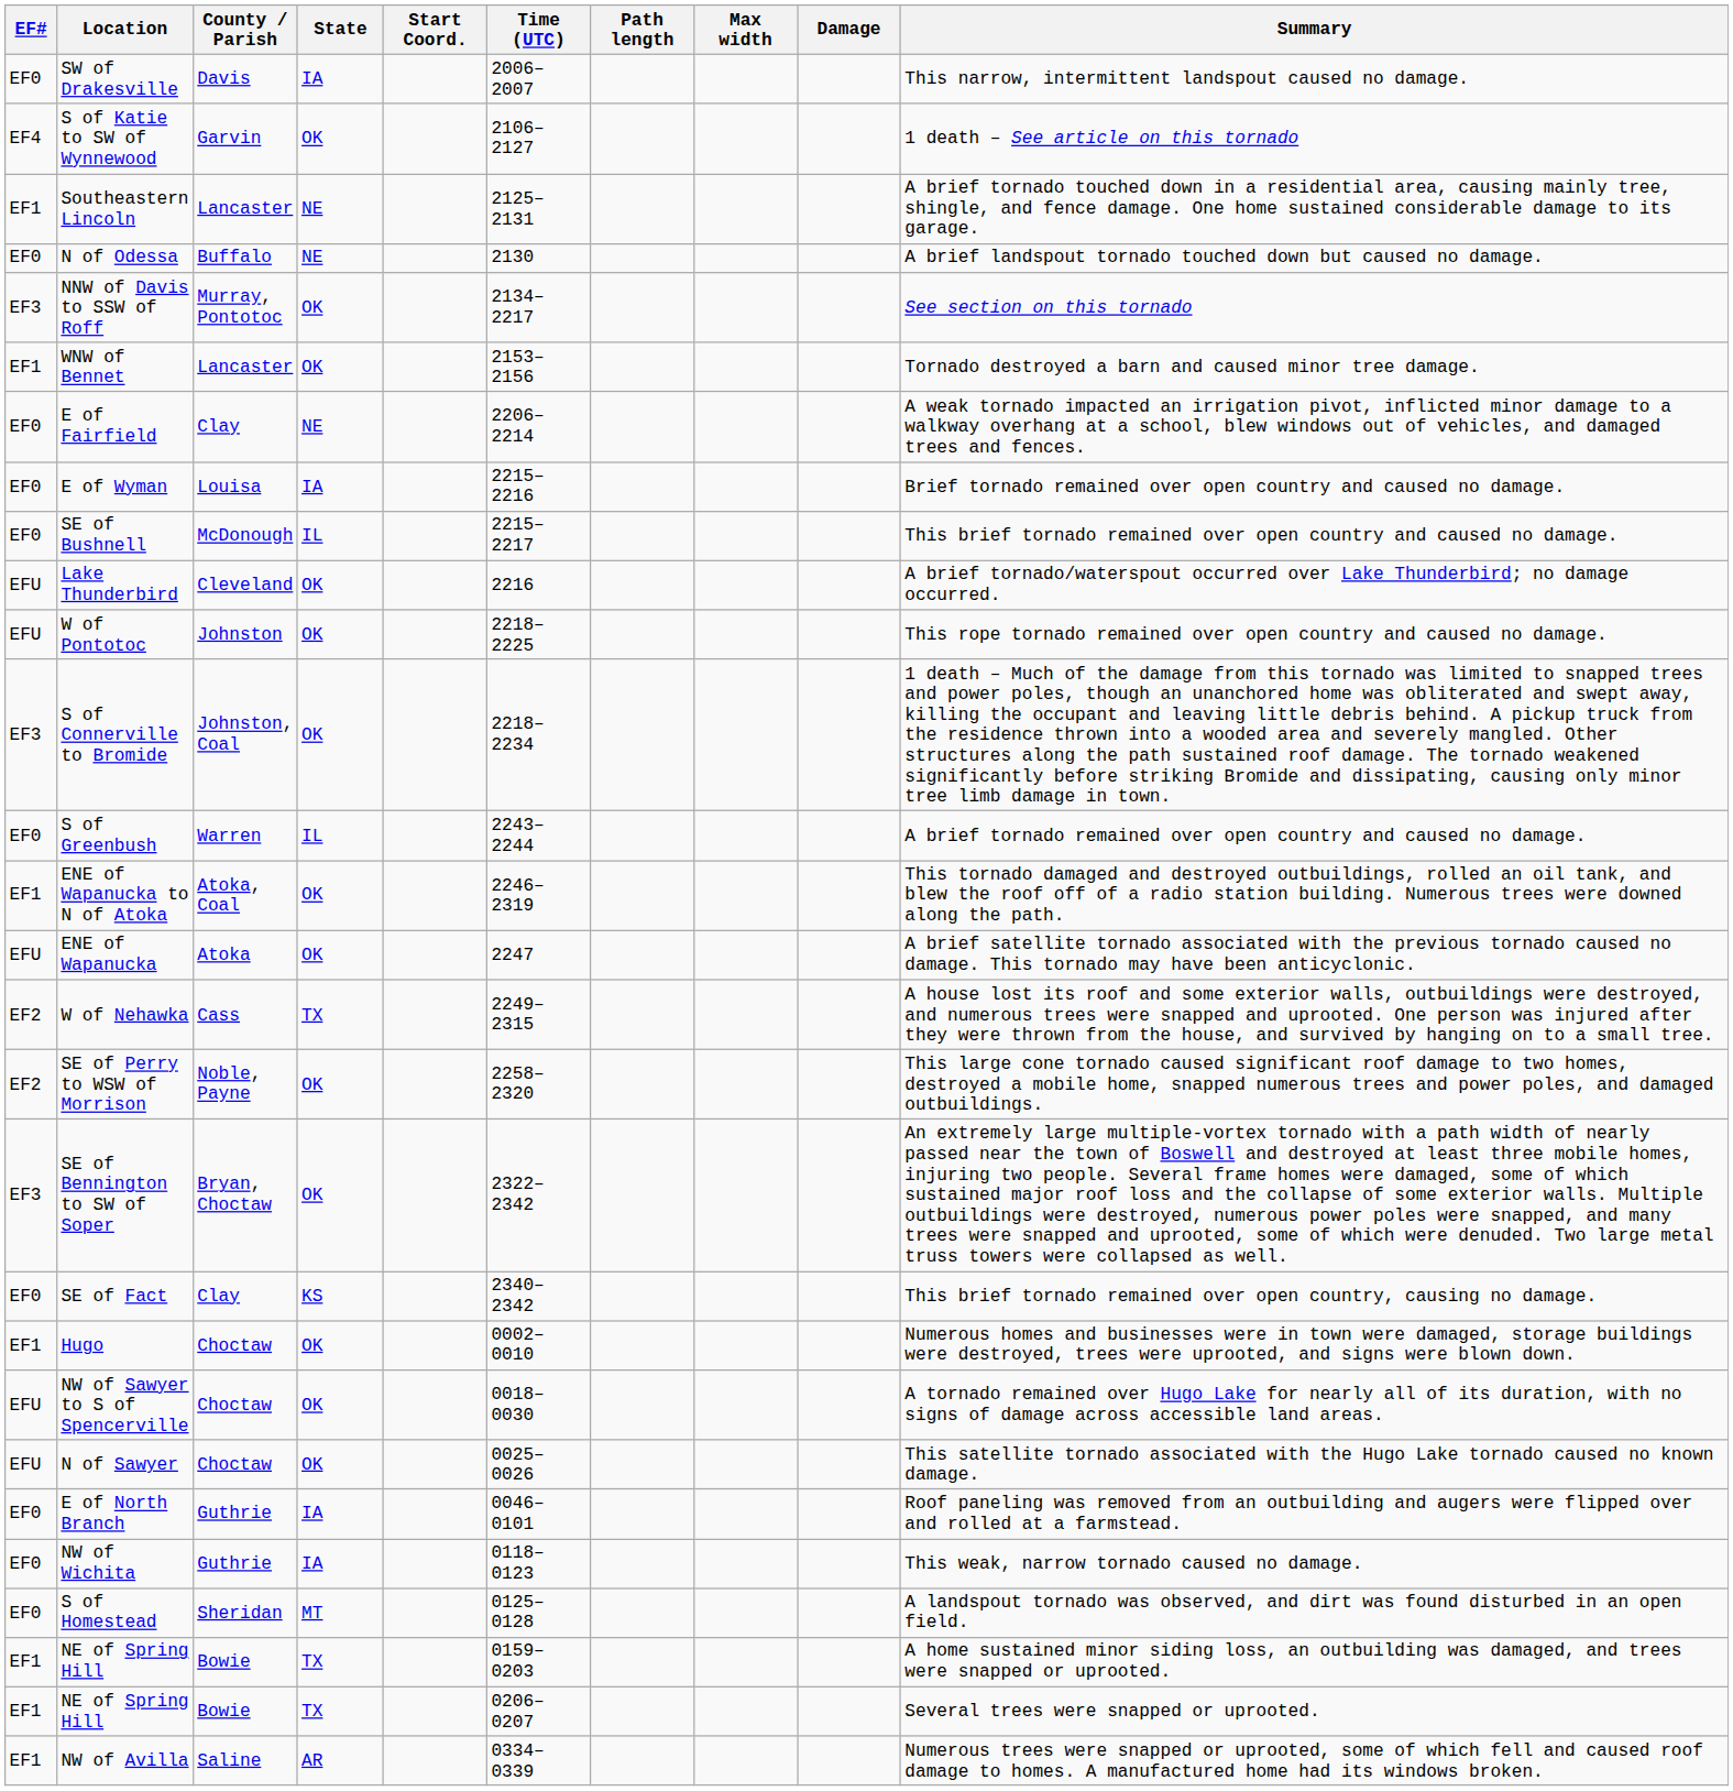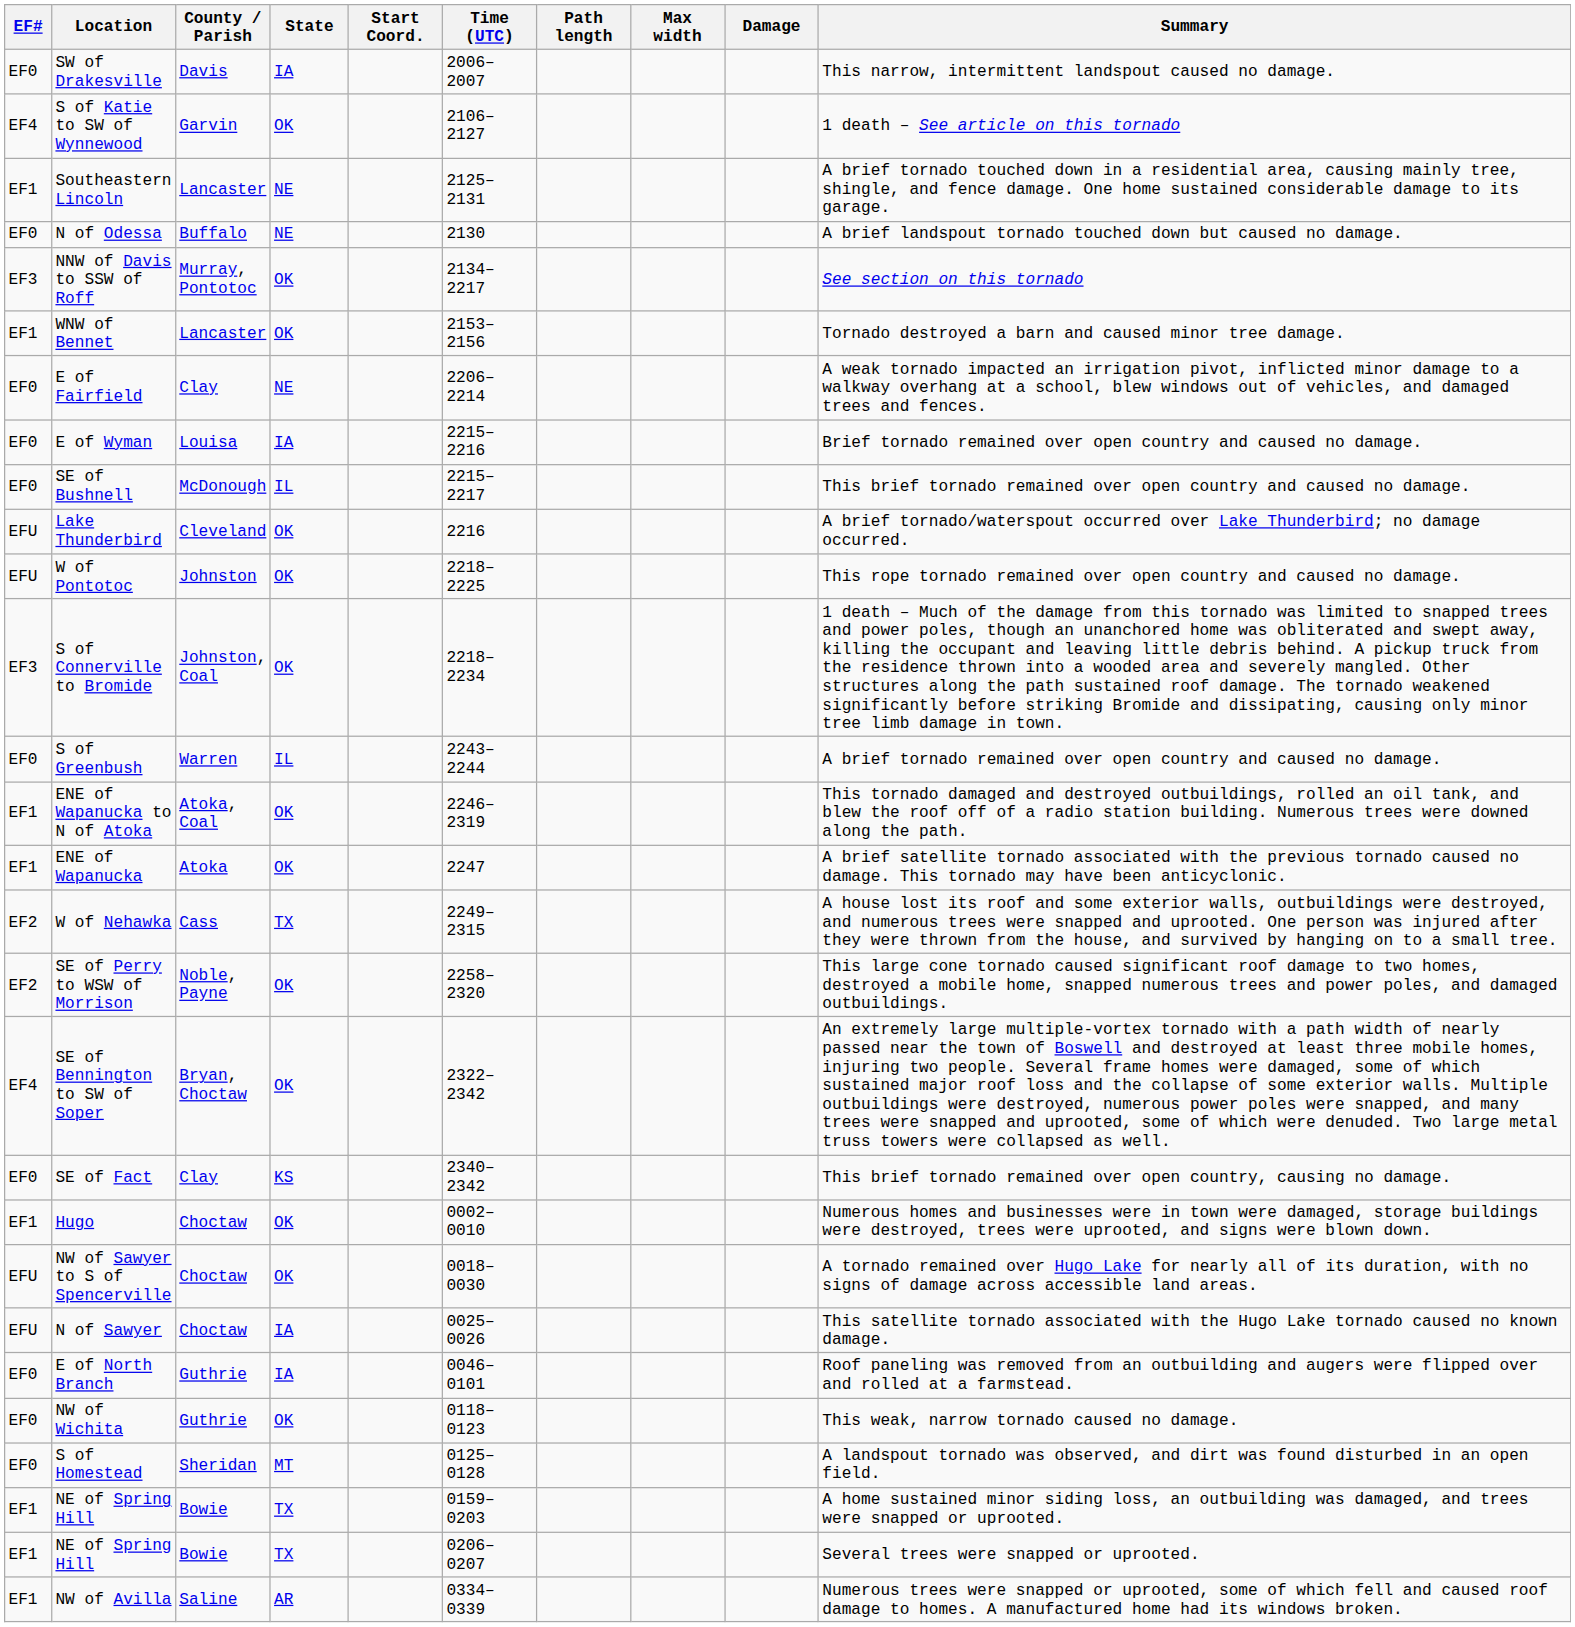 <table class="wikitable sortable" style="width:100%;">
 <tr>
 <th scope="col"  style="width:3%; text-align:center;"><a href='#'>EF#</a></th>
 <th scope="col"  style="width:7%; text-align:center;" class="unsortable">Location</th>
 <th scope="col"  style="width:6%; text-align:center;" class="unsortable">County / Parish</th>
 <th scope="col"  style="width:5%; text-align:center;">State</th>
 <th scope="col"  style="width:6%; text-align:center;">Start Coord.</th>
 <th scope="col"  style="width:6%; text-align:center;">Time (<a href='#'>UTC</a>)</th>
 <th scope="col"  style="width:6%; text-align:center;">Path length</th>
 <th scope="col"  style="width:6%; text-align:center;">Max width</th>
 <th scope="col"  style="width:6%; text-align:center;">Damage</th>
 <th scope="col" class="unsortable" style="width:48%; text-align:center;">Summary</th>
 </tr>
 <tr>
 <td>EF0</td>
 <td>SW of <a href='#'>Drakesville</a></td>
 <td><a href='#'>Davis</a></td>
 <td><a href='#'>IA</a></td>
 <td></td>
 <td>2006–2007</td>
 <td></td>
 <td></td>
 <td></td>
 <td>This narrow, intermittent landspout caused no damage.</td>
 </tr>
 <tr>
 <td>EF4</td>
 <td>S of <a href='#'>Katie</a> to SW of <a href='#'>Wynnewood</a></td>
 <td><a href='#'>Garvin</a></td>
 <td><a href='#'>OK</a></td>
 <td></td>
 <td>2106–2127</td>
 <td></td>
 <td></td>
 <td></td>
 <td>1 death – <em><a href='#'>See article on this tornado</a></em></td>
 </tr>
 <tr>
 <td>EF1</td>
 <td>Southeastern <a href='#'>Lincoln</a></td>
 <td><a href='#'>Lancaster</a></td>
 <td><a href='#'>NE</a></td>
 <td></td>
 <td>2125–2131</td>
 <td></td>
 <td></td>
 <td></td>
 <td>A brief tornado touched down in a residential area, causing mainly tree, shingle, and fence damage. One home sustained considerable damage to its garage.</td>
 </tr>
 <tr>
 <td>EF0</td>
 <td>N of <a href='#'>Odessa</a></td>
 <td><a href='#'>Buffalo</a></td>
 <td><a href='#'>NE</a></td>
 <td></td>
 <td>2130</td>
 <td></td>
 <td></td>
 <td></td>
 <td>A brief landspout tornado touched down but caused no damage.</td>
 </tr>
 <tr>
 <td>EF3</td>
 <td>NNW of <a href='#'>Davis</a> to SSW of <a href='#'>Roff</a></td>
 <td><a href='#'>Murray</a>, <a href='#'>Pontotoc</a></td>
 <td><a href='#'>OK</a></td>
 <td></td>
 <td>2134–2217</td>
 <td></td>
 <td></td>
 <td></td>
 <td><em><a href='#'>See section on this tornado</a></em></td>
 </tr>
 <tr>
 <td>EF1</td>
 <td>WNW of <a href='#'>Bennet</a></td>
 <td><a href='#'>Lancaster</a></td>
 <td><a href='#'>OK</a></td>
 <td></td>
 <td>2153–2156</td>
 <td></td>
 <td></td>
 <td></td>
 <td>Tornado destroyed a barn and caused minor tree damage.</td>
 </tr>
 <tr>
 <td>EF0</td>
 <td>E of <a href='#'>Fairfield</a></td>
 <td><a href='#'>Clay</a></td>
 <td><a href='#'>NE</a></td>
 <td></td>
 <td>2206–2214</td>
 <td></td>
 <td></td>
 <td></td>
 <td>A weak tornado impacted an irrigation pivot, inflicted minor damage to a walkway overhang at a school, blew windows out of vehicles, and damaged trees and fences.</td>
 </tr>
 <tr>
 <td>EF0</td>
 <td>E of <a href='#'>Wyman</a></td>
 <td><a href='#'>Louisa</a></td>
 <td><a href='#'>IA</a></td>
 <td></td>
 <td>2215–2216</td>
 <td></td>
 <td></td>
 <td></td>
 <td>Brief tornado remained over open country and caused no damage.</td>
 </tr>
 <tr>
 <td>EF0</td>
 <td>SE of <a href='#'>Bushnell</a></td>
 <td><a href='#'>McDonough</a></td>
 <td><a href='#'>IL</a></td>
 <td></td>
 <td>2215–2217</td>
 <td></td>
 <td></td>
 <td></td>
 <td>This brief tornado remained over open country and caused no damage.</td>
 </tr>
 <tr>
 <td>EFU</td>
 <td><a href='#'>Lake Thunderbird</a></td>
 <td><a href='#'>Cleveland</a></td>
 <td><a href='#'>OK</a></td>
 <td></td>
 <td>2216</td>
 <td></td>
 <td></td>
 <td></td>
 <td>A brief tornado/waterspout occurred over <a href='#'>Lake Thunderbird</a>; no damage occurred.</td>
 </tr>
 <tr>
 <td>EFU</td>
 <td>W of <a href='#'>Pontotoc</a></td>
 <td><a href='#'>Johnston</a></td>
 <td><a href='#'>OK</a></td>
 <td></td>
 <td>2218–2225</td>
 <td></td>
 <td></td>
 <td></td>
 <td>This rope tornado remained over open country and caused no damage.</td>
 </tr>
 <tr>
 <td>EF3</td>
 <td>S of <a href='#'>Connerville</a> to <a href='#'>Bromide</a></td>
 <td><a href='#'>Johnston</a>, <a href='#'>Coal</a></td>
 <td><a href='#'>OK</a></td>
 <td></td>
 <td>2218–2234</td>
 <td></td>
 <td></td>
 <td></td>
 <td>1 death – Much of the damage from this tornado was limited to snapped trees and power poles, though an unanchored home was obliterated and swept away, killing the occupant and leaving little debris behind. A pickup truck from the residence thrown  into a wooded area and severely mangled. Other structures along the path sustained roof damage. The tornado weakened significantly before striking Bromide and dissipating, causing only minor tree limb damage in town.</td>
 </tr>
 <tr>
 <td>EF0</td>
 <td>S of <a href='#'>Greenbush</a></td>
 <td><a href='#'>Warren</a></td>
 <td><a href='#'>IL</a></td>
 <td></td>
 <td>2243–2244</td>
 <td></td>
 <td></td>
 <td></td>
 <td>A brief tornado remained over open country and caused no damage.</td>
 </tr>
 <tr>
 <td>EF1</td>
 <td>ENE of <a href='#'>Wapanucka</a> to N of <a href='#'>Atoka</a></td>
 <td><a href='#'>Atoka</a>, <a href='#'>Coal</a></td>
 <td><a href='#'>OK</a></td>
 <td></td>
 <td>2246–2319</td>
 <td></td>
 <td></td>
 <td></td>
 <td>This tornado damaged and destroyed outbuildings, rolled an oil tank, and blew the roof off of a radio station building. Numerous trees were downed along the path.</td>
 </tr>
 <tr>
-<td>EFU</td>
+<td>EF1</td>
 <td>ENE of <a href='#'>Wapanucka</a></td>
 <td><a href='#'>Atoka</a></td>
 <td><a href='#'>OK</a></td>
 <td></td>
 <td>2247</td>
 <td></td>
 <td></td>
 <td></td>
 <td>A brief satellite tornado associated with the previous tornado caused no damage. This tornado may have been anticyclonic.</td>
 </tr>
 <tr>
 <td>EF2</td>
 <td>W of <a href='#'>Nehawka</a></td>
 <td><a href='#'>Cass</a></td>
 <td><a href='#'>TX</a></td>
 <td></td>
 <td>2249–2315</td>
 <td></td>
 <td></td>
 <td></td>
 <td>A house lost its roof and some exterior walls, outbuildings were destroyed, and numerous trees were snapped and uprooted. One person was injured after they were thrown from the house, and survived by hanging on to a small tree.</td>
 </tr>
 <tr>
 <td>EF2</td>
 <td>SE of <a href='#'>Perry</a> to WSW of <a href='#'>Morrison</a></td>
 <td><a href='#'>Noble</a>, <a href='#'>Payne</a></td>
 <td><a href='#'>OK</a></td>
 <td></td>
 <td>2258–2320</td>
 <td></td>
 <td></td>
 <td></td>
 <td>This large cone tornado caused significant roof damage to two homes, destroyed a mobile home, snapped numerous trees and power poles, and damaged outbuildings.</td>
 </tr>
 <tr>
-<td>EF3</td>
+<td>EF4</td>
 <td>SE of <a href='#'>Bennington</a> to SW of <a href='#'>Soper</a></td>
 <td><a href='#'>Bryan</a>, <a href='#'>Choctaw</a></td>
 <td><a href='#'>OK</a></td>
 <td></td>
 <td>2322–2342</td>
 <td></td>
 <td></td>
 <td></td>
 <td>An extremely large multiple-vortex tornado with a path width of nearly  passed near the town of <a href='#'>Boswell</a> and destroyed at least three mobile homes, injuring two people. Several frame homes were damaged, some of which sustained major roof loss and the collapse of some exterior walls. Multiple outbuildings were destroyed, numerous power poles were snapped, and many trees were snapped and uprooted, some of which were denuded. Two large metal truss towers were collapsed as well.</td>
 </tr>
 <tr>
 <td>EF0</td>
 <td>SE of <a href='#'>Fact</a></td>
 <td><a href='#'>Clay</a></td>
 <td><a href='#'>KS</a></td>
 <td></td>
 <td>2340–2342</td>
 <td></td>
 <td></td>
 <td></td>
 <td>This brief tornado remained over open country, causing no damage.</td>
 </tr>
 <tr>
 <td>EF1</td>
 <td><a href='#'>Hugo</a></td>
 <td><a href='#'>Choctaw</a></td>
 <td><a href='#'>OK</a></td>
 <td></td>
 <td>0002–0010</td>
 <td></td>
 <td></td>
 <td></td>
 <td>Numerous homes and businesses were in town were damaged, storage buildings were destroyed, trees were uprooted, and signs were blown down.</td>
 </tr>
 <tr>
 <td>EFU</td>
 <td>NW of <a href='#'>Sawyer</a> to S of <a href='#'>Spencerville</a></td>
 <td><a href='#'>Choctaw</a></td>
 <td><a href='#'>OK</a></td>
 <td></td>
 <td>0018–0030</td>
 <td></td>
 <td></td>
 <td></td>
 <td>A tornado remained over <a href='#'>Hugo Lake</a> for nearly all of its duration, with no signs of damage across accessible land areas.</td>
 </tr>
 <tr>
 <td>EFU</td>
 <td>N of <a href='#'>Sawyer</a></td>
 <td><a href='#'>Choctaw</a></td>
-<td><a href='#'>OK</a></td>
+<td><a href='#'>IA</a></td>
 <td></td>
 <td>0025–0026</td>
 <td></td>
 <td></td>
 <td></td>
 <td>This satellite tornado associated with the Hugo Lake tornado caused no known damage.</td>
 </tr>
 <tr>
 <td>EF0</td>
 <td>E of <a href='#'>North Branch</a></td>
 <td><a href='#'>Guthrie</a></td>
 <td><a href='#'>IA</a></td>
 <td></td>
 <td>0046–0101</td>
 <td></td>
 <td></td>
 <td></td>
 <td>Roof paneling was removed from an outbuilding and augers were flipped over and rolled at a farmstead.</td>
 </tr>
 <tr>
 <td>EF0</td>
 <td>NW of <a href='#'>Wichita</a></td>
 <td><a href='#'>Guthrie</a></td>
-<td><a href='#'>IA</a></td>
+<td><a href='#'>OK</a></td>
 <td></td>
 <td>0118–0123</td>
 <td></td>
 <td></td>
 <td></td>
 <td>This weak, narrow tornado caused no damage.</td>
 </tr>
 <tr>
 <td>EF0</td>
 <td>S of <a href='#'>Homestead</a></td>
 <td><a href='#'>Sheridan</a></td>
 <td><a href='#'>MT</a></td>
 <td></td>
 <td>0125–0128</td>
 <td></td>
 <td></td>
 <td></td>
 <td>A landspout tornado was observed, and dirt was found disturbed in an open field.</td>
 </tr>
 <tr>
 <td>EF1</td>
 <td>NE of <a href='#'>Spring Hill</a></td>
 <td><a href='#'>Bowie</a></td>
 <td><a href='#'>TX</a></td>
 <td></td>
 <td>0159–0203</td>
 <td></td>
 <td></td>
 <td></td>
 <td>A home sustained minor siding loss, an outbuilding was damaged, and trees were snapped or uprooted.</td>
 </tr>
 <tr>
 <td>EF1</td>
 <td>NE of <a href='#'>Spring Hill</a></td>
 <td><a href='#'>Bowie</a></td>
 <td><a href='#'>TX</a></td>
 <td></td>
 <td>0206–0207</td>
 <td></td>
 <td></td>
 <td></td>
 <td>Several trees were snapped or uprooted.</td>
 </tr>
 <tr>
 <td>EF1</td>
 <td>NW of <a href='#'>Avilla</a></td>
 <td><a href='#'>Saline</a></td>
 <td><a href='#'>AR</a></td>
 <td></td>
 <td>0334–0339</td>
 <td></td>
 <td></td>
 <td></td>
 <td>Numerous trees were snapped or uprooted, some of which fell and caused roof damage to homes. A manufactured home had its windows broken.</td>
 </tr>
 </table>
